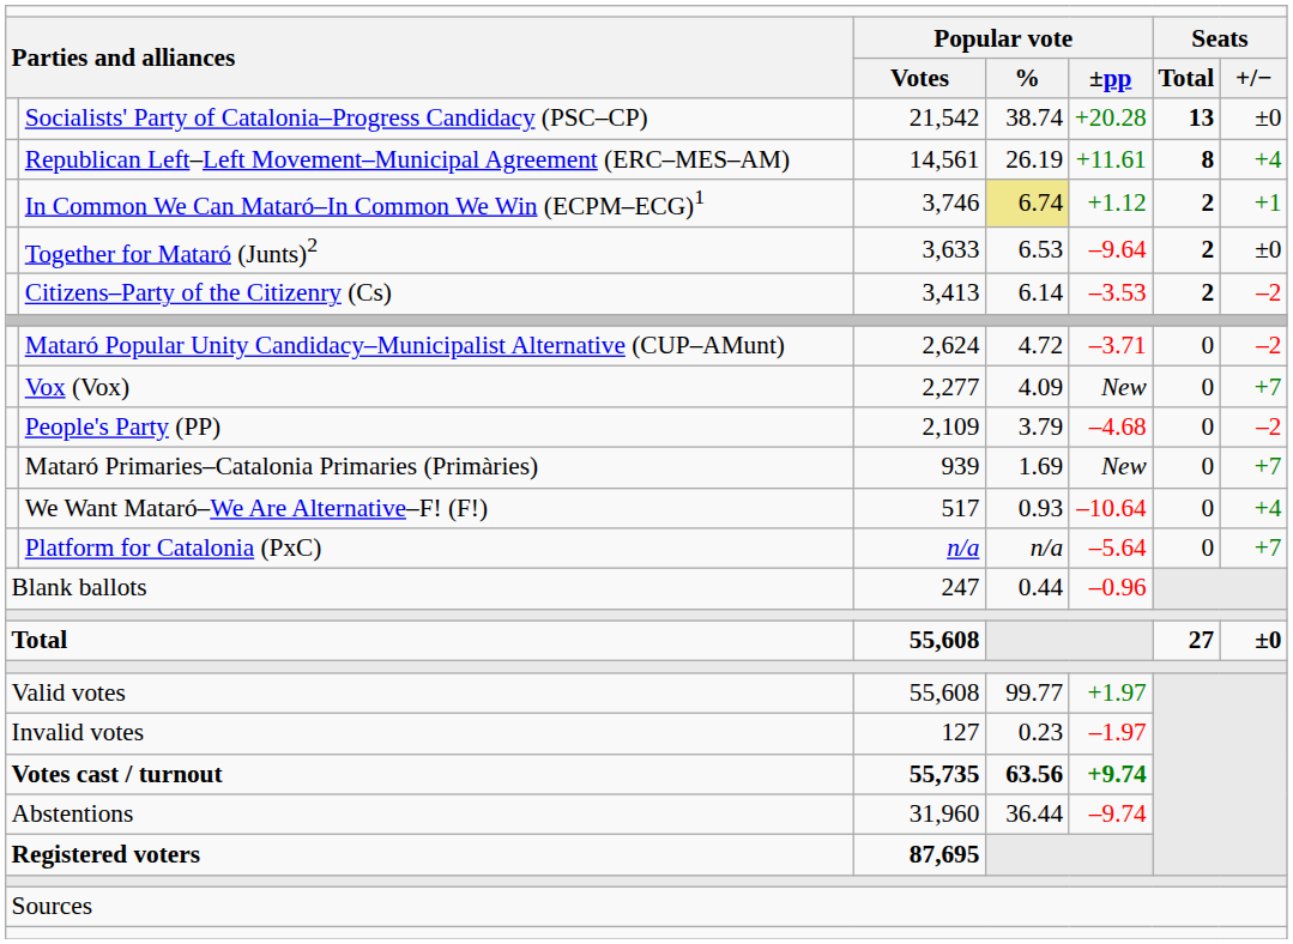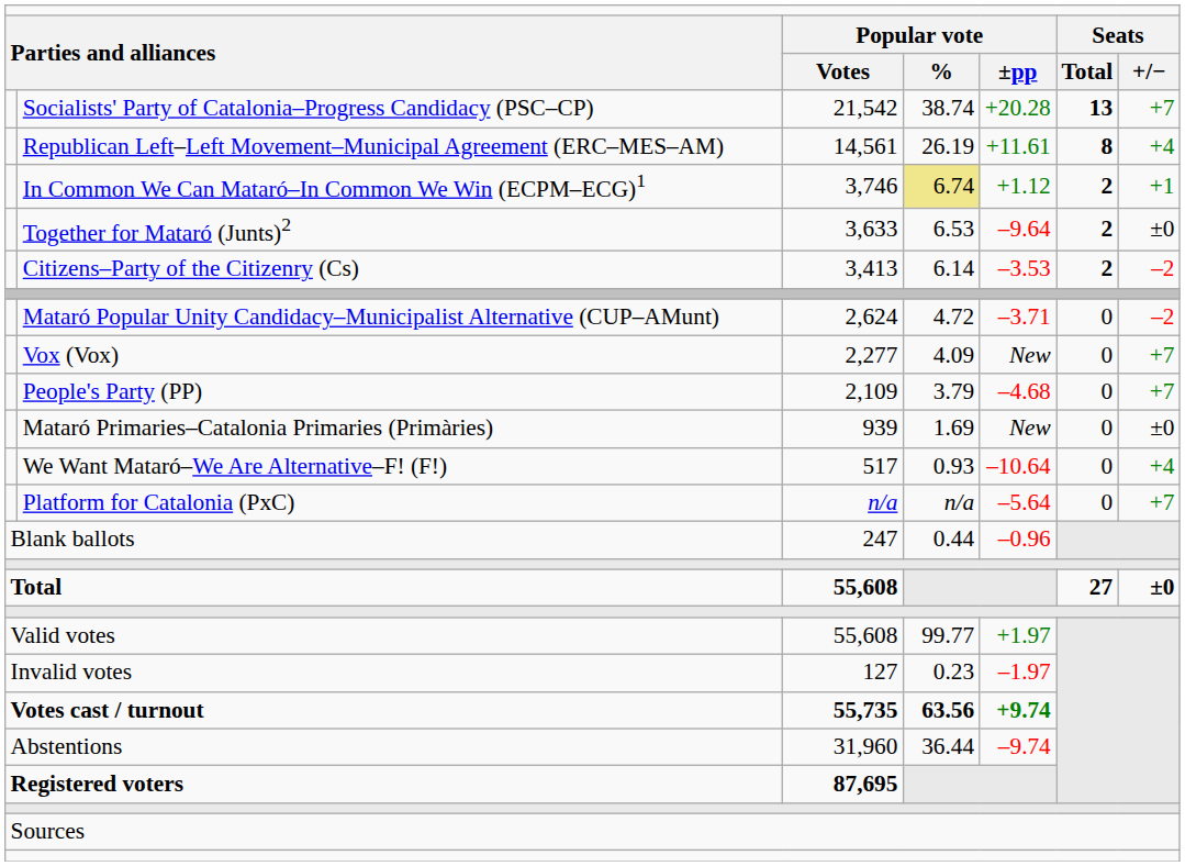 <table class="wikitable" style="text-align:right;">
 <tr>
 <td colspan="7"></td>
 </tr>
 <tr>
 <th style="text-align:left;" rowspan="2" colspan="2" width="525">Parties and alliances</th>
 <th colspan="3">Popular vote</th>
 <th colspan="2">Seats</th>
 </tr>
 <tr>
 <th width="75">Votes</th>
 <th width="45">%</th>
 <th width="45">±<a href='#'>pp</a></th>
 <th width="35">Total</th>
 <th width="35">+/−</th>
 </tr>
 <tr>
 <td width="1" style="color:inherit;background:"></td>
 <td align="left"><a href='#'>Socialists' Party of Catalonia–Progress Candidacy</a> (PSC–CP)</td>
 <td>21,542</td>
 <td>38.74</td>
 <td style="color:green;">+20.28</td>
 <td><strong>13</strong></td>
-<td>±0</td>
+<td style="color:green;">+7</td>
 </tr>
 <tr>
 <td style="color:inherit;background:"></td>
 <td align="left"><a href='#'>Republican Left</a>–<a href='#'>Left Movement–Municipal Agreement</a> (ERC–MES–AM)</td>
 <td>14,561</td>
 <td>26.19</td>
 <td style="color:green;">+11.61</td>
 <td><strong>8</strong></td>
 <td style="color:green;">+4</td>
 </tr>
 <tr>
 <td style="color:inherit;background:"></td>
 <td align="left"><a href='#'>In Common We Can Mataró–In Common We Win</a> (ECPM–ECG)<sup>1</sup></td>
 <td>3,746</td>
 <td style="background: khaki;">6.74</td>
 <td style="color:green;">+1.12</td>
 <td><strong>2</strong></td>
 <td style="color:green;">+1</td>
 </tr>
 <tr>
 <td style="color:inherit;background:"></td>
 <td align="left"><a href='#'>Together for Mataró</a> (Junts)<sup>2</sup></td>
 <td>3,633</td>
 <td>6.53</td>
 <td style="color:red;">–9.64</td>
 <td><strong>2</strong></td>
 <td>±0</td>
 </tr>
 <tr>
 <td style="color:inherit;background:"></td>
 <td align="left"><a href='#'>Citizens–Party of the Citizenry</a> (Cs)</td>
 <td>3,413</td>
 <td>6.14</td>
 <td style="color:red;">–3.53</td>
 <td><strong>2</strong></td>
 <td style="color:red;">–2</td>
 </tr>
 <tr>
 <td colspan="7" bgcolor="#C0C0C0"></td>
 </tr>
 <tr>
 <td style="color:inherit;background:"></td>
 <td align="left"><a href='#'>Mataró Popular Unity Candidacy–Municipalist Alternative</a> (CUP–AMunt)</td>
 <td>2,624</td>
 <td>4.72</td>
 <td style="color:red;">–3.71</td>
 <td>0</td>
 <td style="color:red;">–2</td>
 </tr>
 <tr>
 <td style="color:inherit;background:"></td>
 <td align="left"><a href='#'>Vox</a> (Vox)</td>
 <td>2,277</td>
 <td>4.09</td>
 <td><em>New</em></td>
 <td>0</td>
 <td style="color:green;">+7</td>
 </tr>
 <tr>
 <td style="color:inherit;background:"></td>
 <td align="left"><a href='#'>People's Party</a> (PP)</td>
 <td>2,109</td>
 <td>3.79</td>
 <td style="color:red;">–4.68</td>
 <td>0</td>
-<td style="color:red;">–2</td>
+<td style="color:green;">+7</td>
 </tr>
 <tr>
 <td style="color:inherit;background:"></td>
 <td align="left">Mataró Primaries–Catalonia Primaries (Primàries)</td>
 <td>939</td>
 <td>1.69</td>
 <td><em>New</em></td>
 <td>0</td>
-<td style="color:green;">+7</td>
+<td>±0</td>
 </tr>
 <tr>
 <td style="color:inherit;background:"></td>
 <td align="left">We Want Mataró–<a href='#'>We Are Alternative</a>–F! (F!)</td>
 <td>517</td>
 <td>0.93</td>
 <td style="color:red;">–10.64</td>
 <td>0</td>
 <td style="color:green;">+4</td>
 </tr>
 <tr>
 <td style="color:inherit;background:"></td>
 <td align="left"><a href='#'>Platform for Catalonia</a> (PxC)</td>
 <td><em><a href='#'>n/a</a></em></td>
 <td><em>n/a</em></td>
 <td style="color:red;">–5.64</td>
 <td>0</td>
 <td style="color:green;">+7</td>
 </tr>
 <tr>
 <td align="left" colspan="2">Blank ballots</td>
 <td>247</td>
 <td>0.44</td>
 <td style="color:red;">–0.96</td>
 <td bgcolor="#E9E9E9" colspan="2"></td>
 </tr>
 <tr>
 <td colspan="7" bgcolor="#E9E9E9"></td>
 </tr>
 <tr style="font-weight:bold;">
 <td align="left" colspan="2">Total</td>
 <td>55,608</td>
 <td bgcolor="#E9E9E9" colspan="2"></td>
 <td>27</td>
 <td>±0</td>
 </tr>
 <tr>
 <td colspan="7" bgcolor="#E9E9E9"></td>
 </tr>
 <tr>
 <td align="left" colspan="2">Valid votes</td>
 <td>55,608</td>
 <td>99.77</td>
 <td style="color:green;">+1.97</td>
 <td bgcolor="#E9E9E9" colspan="2" rowspan="5"></td>
 </tr>
 <tr>
 <td align="left" colspan="2">Invalid votes</td>
 <td>127</td>
 <td>0.23</td>
 <td style="color:red;">–1.97</td>
 </tr>
 <tr style="font-weight:bold;">
 <td align="left" colspan="2">Votes cast / turnout</td>
 <td>55,735</td>
 <td>63.56</td>
 <td style="color:green;">+9.74</td>
 </tr>
 <tr>
 <td align="left" colspan="2">Abstentions</td>
 <td>31,960</td>
 <td>36.44</td>
 <td style="color:red;">–9.74</td>
 </tr>
 <tr style="font-weight:bold;">
 <td align="left" colspan="2">Registered voters</td>
 <td>87,695</td>
 <td bgcolor="#E9E9E9" colspan="2"></td>
 </tr>
 <tr>
 <td colspan="7" bgcolor="#E9E9E9"></td>
 </tr>
 <tr>
 <td align="left" colspan="7">Sources</td>
 </tr>
 <tr>
 <td colspan="7" style="text-align:left; max-width:790px;"></td>
 </tr>
 </table>
